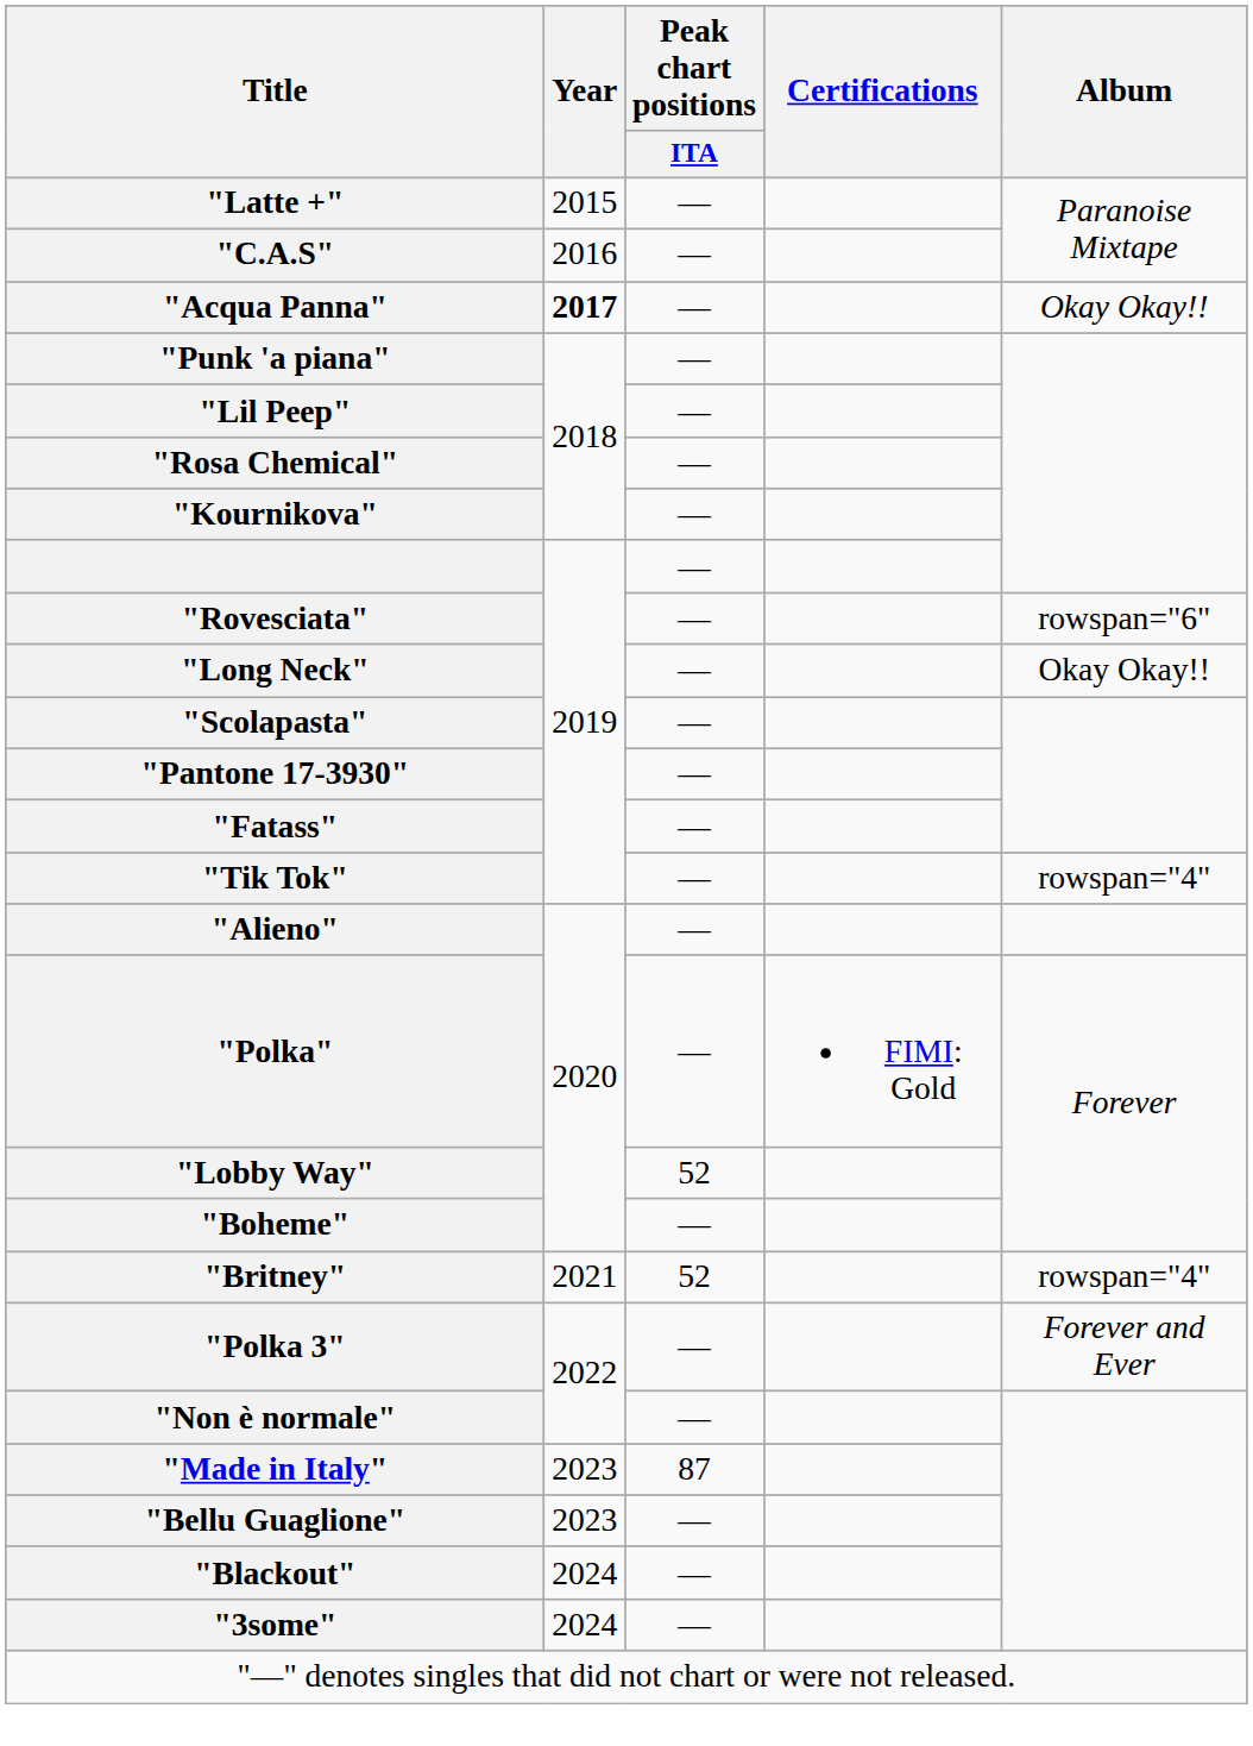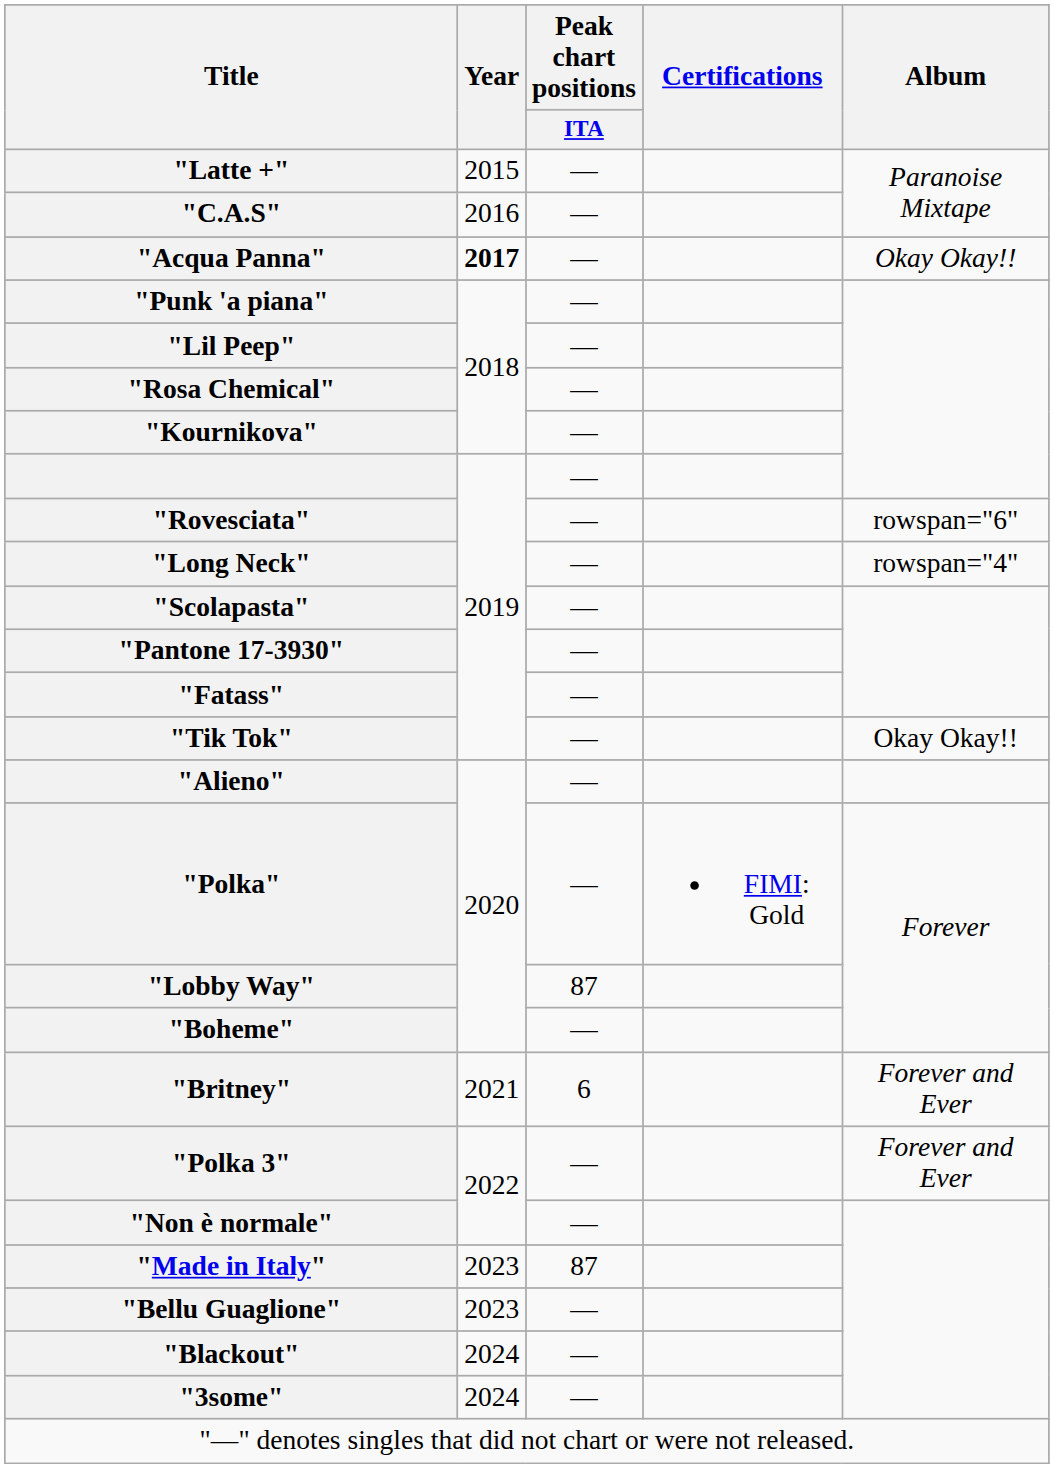 <table class="wikitable sortable plainrowheaders" style="text-align:center;">
 <tr>
 <th rowspan="2" scope="col" style="width:16em;">Title</th>
 <th rowspan="2" scope="col" style="width:1em;">Year</th>
 <th scope="col">Peak chart positions</th>
 <th rowspan="2" scope="col"><a href='#'>Certifications</a></th>
 <th rowspan="2">Album</th>
 </tr>
 <tr>
 <th scope="col" style="width:3em;font-size:85%;"><a href='#'>ITA</a><br></th>
 </tr>
 <tr>
 <th scope="row">"Latte +"</th>
 <td>2015</td>
 <td>—</td>
 <td></td>
 <td rowspan="2"><em>Paranoise Mixtape</em></td>
 </tr>
 <tr>
 <th scope="row">"C.A.S"<br></th>
 <td>2016</td>
 <td>—</td>
 <td></td>
 </tr>
 <tr>
 <th scope="row">"Acqua Panna"</th>
 <td><strong>2017</strong></td>
 <td>—</td>
 <td></td>
 <td><em>Okay Okay!!</em></td>
 </tr>
 <tr>
 <th scope="row">"Punk 'a piana"</th>
 <td rowspan="4">2018</td>
 <td>—</td>
 <td></td>
 </tr>
 <tr>
 <th scope="row">"Lil Peep"</th>
 <td>—</td>
 <td></td>
 </tr>
 <tr>
 <th scope="row">"Rosa Chemical"</th>
 <td>—</td>
 <td></td>
 </tr>
 <tr>
 <th scope="row">"Kournikova"</th>
 <td>—</td>
 <td></td>
 </tr>
 <tr>
 <th scope="row"></th>
 <td rowspan="7">2019</td>
 <td>—</td>
 <td></td>
 </tr>
 <tr>
 <th scope="row">"Rovesciata"</th>
 <td>—</td>
 <td></td>
 <td>rowspan="6" </td>
 </tr>
 <tr>
 <th scope="row">"Long Neck"<br></th>
 <td>—</td>
 <td></td>
-<td>Okay Okay!!</td>
+<td>rowspan="4" </td>
 </tr>
 <tr>
 <th scope="row">"Scolapasta"</th>
 <td>—</td>
 <td></td>
 </tr>
 <tr>
 <th scope="row">"Pantone 17-3930"</th>
 <td>—</td>
 <td></td>
 </tr>
 <tr>
 <th scope="row">"Fatass"</th>
 <td>—</td>
 <td></td>
 </tr>
 <tr>
 <th scope="row">"Tik Tok"<br></th>
 <td>—</td>
 <td></td>
-<td>rowspan="4" </td>
+<td>Okay Okay!!</td>
 </tr>
 <tr>
 <th scope="row">"Alieno"</th>
 <td rowspan="4">2020</td>
 <td>—</td>
 <td></td>
 <td></td>
 </tr>
 <tr>
 <th scope="row">"Polka"<br></th>
 <td>—</td>
 <td><br><ul><li><a href='#'>FIMI</a>: Gold</li></ul></td>
 <td rowspan="3"><em>Forever</em></td>
 </tr>
 <tr>
 <th scope="row">"Lobby Way"</th>
-<td>52</td>
+<td>87</td>
 <td></td>
 </tr>
 <tr>
 <th scope="row">"Boheme"</th>
 <td>—</td>
 <td></td>
 </tr>
 <tr>
 <th scope="row">"Britney"<br></th>
 <td rowspan="1">2021</td>
-<td>52</td>
+<td>6<br></td>
 <td></td>
-<td>rowspan="4" </td>
+<td><em>Forever and Ever</em></td>
 </tr>
 <tr>
 <th scope="row">"Polka 3"</th>
 <td rowspan="2">2022</td>
 <td>—</td>
 <td></td>
 <td><em>Forever and Ever</em></td>
 </tr>
 <tr>
 <th scope="row">"Non è normale"</th>
 <td>—</td>
 <td></td>
 </tr>
 <tr>
 <th scope="row">"<a href='#'>Made in Italy</a>"<br></th>
 <td>2023</td>
 <td>87</td>
 <td></td>
 </tr>
 <tr>
 <th scope="row">"Bellu Guaglione"</th>
 <td>2023</td>
 <td>—</td>
 <td></td>
 </tr>
 <tr>
 <th scope="row">"Blackout"</th>
 <td>2024</td>
 <td>—</td>
 <td></td>
 </tr>
 <tr>
 <th scope="row">"3some"<br></th>
 <td>2024</td>
 <td>—</td>
 <td></td>
 </tr>
 <tr>
 <td colspan="5">"—" denotes singles that did not chart or were not released.</td>
 </tr>
 </table>
